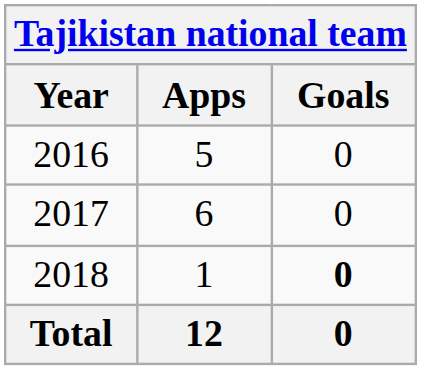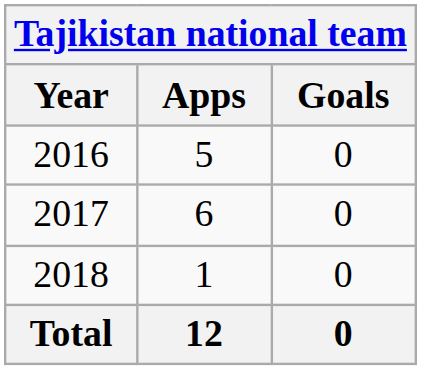 <table class="wikitable" style="text-align:center">
 <tr>
 <th colspan=3><a href='#'>Tajikistan national team</a></th>
 </tr>
 <tr>
 <th>Year</th>
 <th>Apps</th>
 <th>Goals</th>
 </tr>
 <tr>
 <td>2016</td>
 <td>5</td>
 <td>0</td>
 </tr>
 <tr>
 <td>2017</td>
 <td>6</td>
 <td>0</td>
 </tr>
 <tr>
 <td>2018</td>
 <td>1</td>
-<td><strong>0</strong></td>
+<td>0</td>
 </tr>
 <tr>
 <th>Total</th>
 <th>12</th>
 <th>0</th>
 </tr>
 </table>
